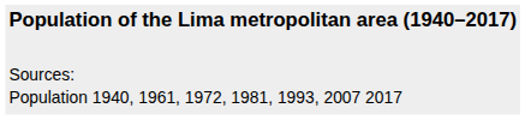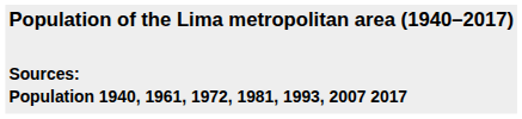 <table style=background:#eeeeee align=center>
 <tr>
 <th>Population of the Lima metropolitan area (1940–2017)</th>
 </tr>
 <tr align="center">
 <td><br></td>
 </tr>
 <tr>
-<td><small>Sources:<br>Population 1940, 1961, 1972, 1981, 1993, 2007 2017</small></td>
+<td><strong><small>Sources:<br>Population 1940, 1961, 1972, 1981, 1993, 2007 2017</small></strong></td>
 </tr>
 <tr>
 </tr>
 </table>
